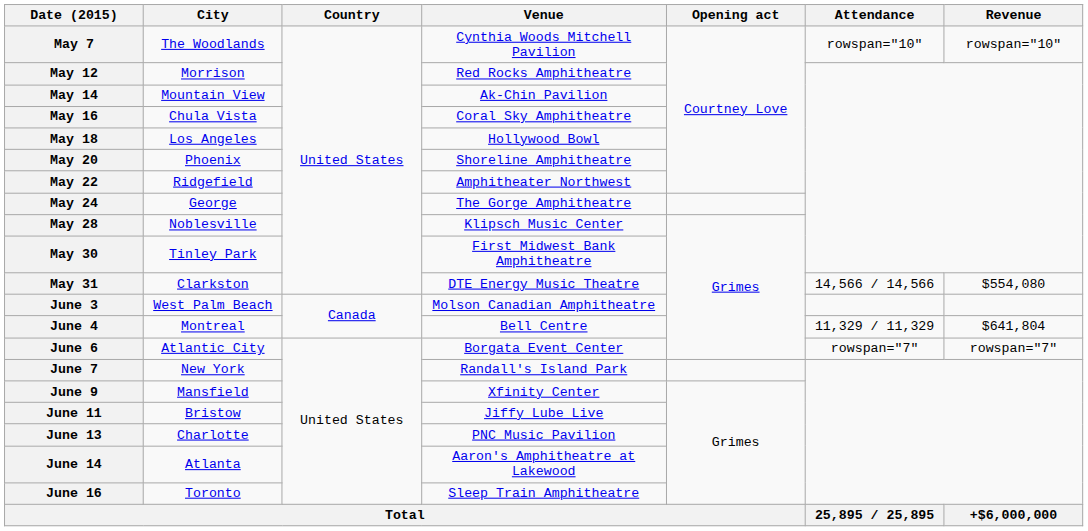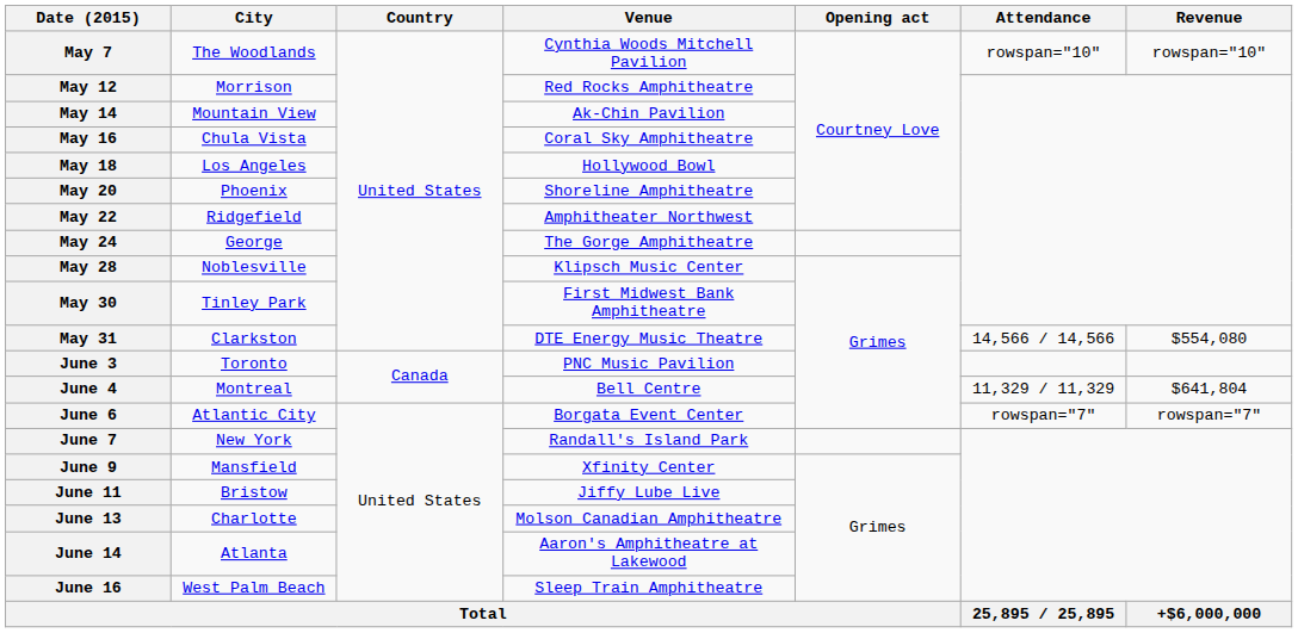 <table class="wikitable plainrowheaders" style="text-align:center;">
 <tr>
 <th scope="col" style="width:10em;">Date (2015)</th>
 <th scope="col" style="width:10em;">City</th>
 <th scope="col" style="width:10em;">Country</th>
 <th scope="col" style="width:18em;">Venue</th>
 <th scope="col" style="width:10em;">Opening act</th>
 <th scope="col" style="width:10em;">Attendance</th>
 <th scope="col" style="width:10em;">Revenue</th>
 </tr>
 <tr>
 <th scope="row" style="text-align:center;">May 7</th>
 <td><a href='#'>The Woodlands</a></td>
 <td rowspan="11"><a href='#'>United States</a></td>
 <td><a href='#'>Cynthia Woods Mitchell Pavilion</a></td>
 <td rowspan="7"><a href='#'>Courtney Love</a></td>
 <td>rowspan="10" </td>
 <td>rowspan="10" </td>
 </tr>
 <tr>
 <th scope="row" style="text-align:center;">May 12</th>
 <td><a href='#'>Morrison</a></td>
 <td><a href='#'>Red Rocks Amphitheatre</a></td>
 </tr>
 <tr>
 <th scope="row" style="text-align:center;">May 14</th>
 <td><a href='#'>Mountain View</a></td>
 <td><a href='#'>Ak-Chin Pavilion</a></td>
 </tr>
 <tr>
 <th scope="row" style="text-align:center;">May 16</th>
 <td><a href='#'>Chula Vista</a></td>
 <td><a href='#'>Coral Sky Amphitheatre</a></td>
 </tr>
 <tr>
 <th scope="row" style="text-align:center;">May 18</th>
 <td><a href='#'>Los Angeles</a></td>
 <td><a href='#'>Hollywood Bowl</a></td>
 </tr>
 <tr>
 <th scope="row" style="text-align:center;">May 20</th>
 <td><a href='#'>Phoenix</a></td>
 <td><a href='#'>Shoreline Amphitheatre</a></td>
 </tr>
 <tr>
 <th scope="row" style="text-align:center;">May 22</th>
 <td><a href='#'>Ridgefield</a></td>
 <td><a href='#'>Amphitheater Northwest</a></td>
 </tr>
 <tr>
 <th scope="row" style="text-align:center;">May 24</th>
 <td><a href='#'>George</a></td>
 <td><a href='#'>The Gorge Amphitheatre</a></td>
 <td></td>
 </tr>
 <tr>
 <th scope="row" style="text-align:center;">May 28</th>
 <td><a href='#'>Noblesville</a></td>
 <td><a href='#'>Klipsch Music Center</a></td>
 <td rowspan="6"><a href='#'>Grimes</a></td>
 </tr>
 <tr>
 <th scope="row" style="text-align:center;">May 30</th>
 <td><a href='#'>Tinley Park</a></td>
 <td><a href='#'>First Midwest Bank Amphitheatre</a></td>
 </tr>
 <tr>
 <th scope="row" style="text-align:center;">May 31</th>
 <td><a href='#'>Clarkston</a></td>
 <td><a href='#'>DTE Energy Music Theatre</a></td>
 <td>14,566 / 14,566</td>
 <td>$554,080</td>
 </tr>
 <tr>
 <th scope="row" style="text-align:center;">June 3</th>
-<td><a href='#'>West Palm Beach</a></td>
+<td><a href='#'>Toronto</a></td>
 <td rowspan="2"><a href='#'>Canada</a></td>
-<td><a href='#'>Molson Canadian Amphitheatre</a></td>
+<td><a href='#'>PNC Music Pavilion</a></td>
 <td></td>
 <td></td>
 </tr>
 <tr>
 <th scope="row" style="text-align:center;">June 4</th>
 <td><a href='#'>Montreal</a></td>
 <td><a href='#'>Bell Centre</a></td>
 <td>11,329 / 11,329</td>
 <td>$641,804</td>
 </tr>
 <tr>
 <th scope="row" style="text-align:center;">June 6</th>
 <td><a href='#'>Atlantic City</a></td>
 <td rowspan="7">United States</td>
 <td><a href='#'>Borgata Event Center</a></td>
 <td>rowspan="7" </td>
 <td>rowspan="7" </td>
 </tr>
 <tr>
 <th scope="row" style="text-align:center;">June 7</th>
 <td><a href='#'>New York</a></td>
 <td><a href='#'>Randall's Island Park</a></td>
 <td></td>
 </tr>
 <tr>
 <th scope="row" style="text-align:center;">June 9</th>
 <td><a href='#'>Mansfield</a></td>
 <td><a href='#'>Xfinity Center</a></td>
 <td rowspan="5">Grimes</td>
 </tr>
 <tr>
 <th scope="row" style="text-align:center;">June 11</th>
 <td><a href='#'>Bristow</a></td>
 <td><a href='#'>Jiffy Lube Live</a></td>
 </tr>
 <tr>
 <th scope="row" style="text-align:center;">June 13</th>
 <td><a href='#'>Charlotte</a></td>
-<td><a href='#'>PNC Music Pavilion</a></td>
+<td><a href='#'>Molson Canadian Amphitheatre</a></td>
 </tr>
 <tr>
 <th scope="row" style="text-align:center;">June 14</th>
 <td><a href='#'>Atlanta</a></td>
 <td><a href='#'>Aaron's Amphitheatre at Lakewood</a></td>
 </tr>
 <tr>
 <th scope="row" style="text-align:center;">June 16</th>
-<td><a href='#'>Toronto</a></td>
+<td><a href='#'>West Palm Beach</a></td>
 <td><a href='#'>Sleep Train Amphitheatre</a></td>
 </tr>
 <tr>
 <th colspan="5">Total</th>
 <th scope="row" style="text-align:center;">25,895 / 25,895</th>
 <th scope="row" style="text-align:center;">+$6,000,000</th>
 </tr>
 </table>
